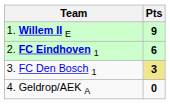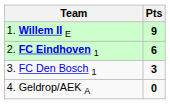 <table class="wikitable" style="text-align:center; float:left; margin-right:1em">
 <tr>
 <th style="width:200px">Team</th>
 <th width=20>Pts</th>
 </tr>
 <tr bgcolor=ccffcc>
 <td align=left>1. <strong><a href='#'>Willem II</a></strong> <sub>E</sub></td>
 <td><strong>9</strong></td>
 </tr>
 <tr bgcolor=ccffcc>
 <td align=left>2. <strong><a href='#'>FC Eindhoven</a></strong> <sub>1</sub></td>
 <td><strong>6</strong></td>
 </tr>
 <tr>
 <td align=left>3. <a href='#'>FC Den Bosch</a> <sub>1</sub></td>
-<td style="background: khaki;"><strong>3</strong></td>
+<td><strong>3</strong></td>
 </tr>
 <tr>
 <td align=left>4. Geldrop/AEK <sub>A</sub></td>
 <td><strong>0</strong></td>
 </tr>
 </table>
